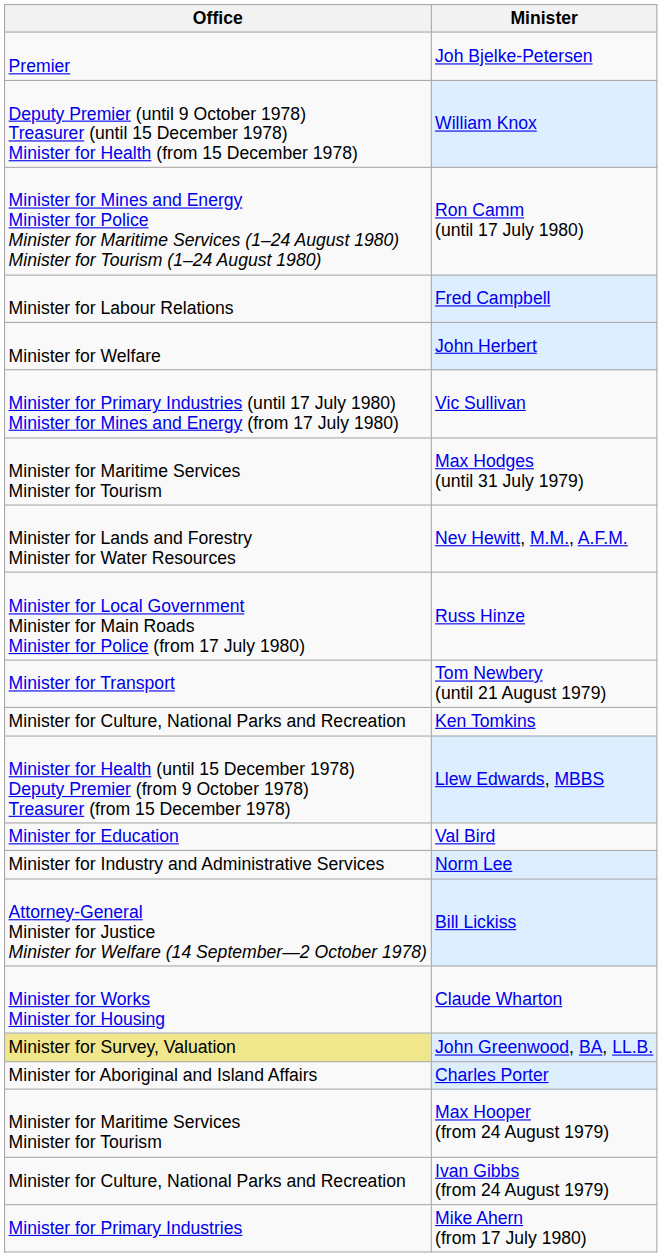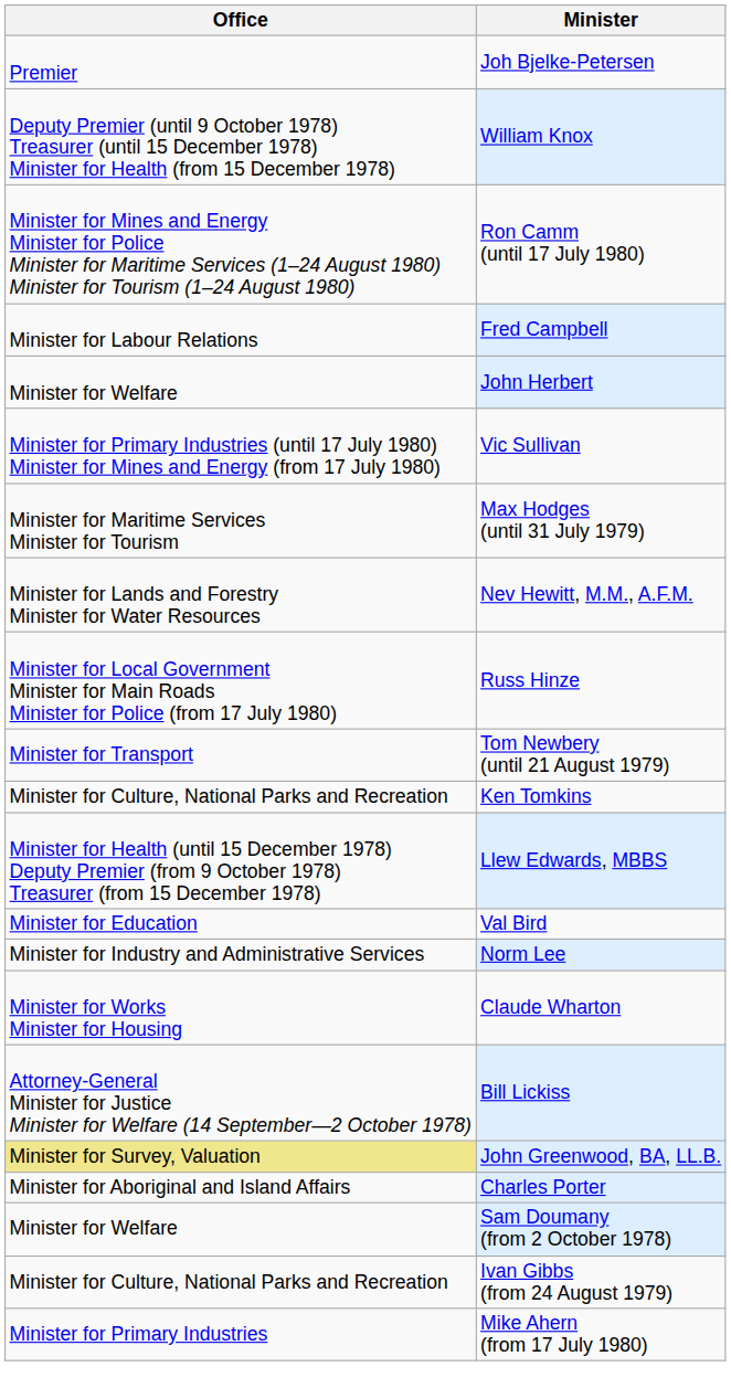 <table class="wikitable">
 <tr>
 <th>Office</th>
 <th>Minister</th>
 </tr>
 <tr>
 <td><br><a href='#'>Premier</a></td>
 <td><a href='#'>Joh Bjelke-Petersen</a></td>
 </tr>
 <tr>
 <td><br><a href='#'>Deputy Premier</a> (until 9 October 1978)<br> <a href='#'>Treasurer</a> (until 15 December 1978)<br> <a href='#'>Minister for Health</a> (from 15 December 1978)</td>
 <td style="background:#DDEEFF"><a href='#'>William Knox</a></td>
 </tr>
 <tr>
 <td><br><a href='#'>Minister for Mines and Energy</a><br> <a href='#'>Minister for Police</a><br> <em>Minister for Maritime Services (1–24 August 1980)</em><br> <em>Minister for Tourism (1–24 August 1980)</em></td>
 <td><a href='#'>Ron Camm</a><br>(until 17 July 1980)</td>
 </tr>
 <tr>
 <td><br>Minister for Labour Relations<br></td>
 <td style="background:#DDEEFF"><a href='#'>Fred Campbell</a></td>
 </tr>
 <tr>
 <td><br>Minister for Welfare<br></td>
 <td style="background:#DDEEFF"><a href='#'>John Herbert</a></td>
 </tr>
 <tr>
 <td><br><a href='#'>Minister for Primary Industries</a> (until 17 July 1980)<br> <a href='#'>Minister for Mines and Energy</a> (from 17 July 1980)</td>
 <td><a href='#'>Vic Sullivan</a></td>
 </tr>
 <tr>
 <td><br>Minister for Maritime Services<br> Minister for Tourism</td>
 <td><a href='#'>Max Hodges</a><br>(until 31 July 1979)</td>
 </tr>
 <tr>
 <td><br>Minister for Lands and Forestry<br> Minister for Water Resources</td>
 <td><a href='#'>Nev Hewitt</a>, <a href='#'>M.M.</a>, <a href='#'>A.F.M.</a></td>
 </tr>
 <tr>
 <td><br><a href='#'>Minister for Local Government</a><br> Minister for Main Roads<br> <a href='#'>Minister for Police</a> (from 17 July 1980)<br></td>
 <td><a href='#'>Russ Hinze</a></td>
 </tr>
 <tr>
 <td><a href='#'>Minister for Transport</a></td>
 <td><a href='#'>Tom Newbery</a><br>(until 21 August 1979)</td>
 </tr>
 <tr>
 <td>Minister for Culture, National Parks and Recreation</td>
 <td><a href='#'>Ken Tomkins</a></td>
 </tr>
 <tr>
 <td><br><a href='#'>Minister for Health</a> (until 15 December 1978)<br> <a href='#'>Deputy Premier</a> (from 9 October 1978)<br> <a href='#'>Treasurer</a> (from 15 December 1978)<br></td>
 <td style="background:#DDEEFF"><a href='#'>Llew Edwards</a>, <a href='#'>MBBS</a></td>
 </tr>
 <tr>
 <td><a href='#'>Minister for Education</a></td>
 <td><a href='#'>Val Bird</a></td>
 </tr>
 <tr>
 <td>Minister for Industry and Administrative Services</td>
 <td style="background:#DDEEFF"><a href='#'>Norm Lee</a></td>
 </tr>
 <tr>
+<td><br><a href='#'>Minister for Works</a><br> <a href='#'>Minister for Housing</a></td>
+<td><a href='#'>Claude Wharton</a></td>
+</tr>
+<tr>
 <td><br><a href='#'>Attorney-General</a><br> Minister for Justice<br> <em>Minister for Welfare (14 September—2 October 1978)</em></td>
 <td style="background:#DDEEFF"><a href='#'>Bill Lickiss</a></td>
-</tr>
-<tr>
-<td><br><a href='#'>Minister for Works</a><br> <a href='#'>Minister for Housing</a></td>
-<td><a href='#'>Claude Wharton</a></td>
 </tr>
 <tr>
 <td style="background: khaki;">Minister for Survey, Valuation</td>
 <td style="background:#DDEEFF"><a href='#'>John Greenwood</a>, <a href='#'>BA</a>, <a href='#'>LL.B.</a></td>
 </tr>
 <tr>
 <td>Minister for Aboriginal and Island Affairs</td>
 <td style="background:#DDEEFF"><a href='#'>Charles Porter</a></td>
 </tr>
 <tr>
-<td><br>Minister for Maritime Services<br> Minister for Tourism</td>
-<td><a href='#'>Max Hooper</a><br>(from 24 August 1979)</td>
+<td>Minister for Welfare</td>
+<td style="background:#DDEEFF"><a href='#'>Sam Doumany</a><br>(from 2 October 1978)</td>
 </tr>
 <tr>
 <td>Minister for Culture, National Parks and Recreation</td>
 <td><a href='#'>Ivan Gibbs</a><br>(from 24 August 1979)</td>
 </tr>
 <tr>
 <td><a href='#'>Minister for Primary Industries</a></td>
 <td><a href='#'>Mike Ahern</a><br>(from 17 July 1980)</td>
 </tr>
 </table>
